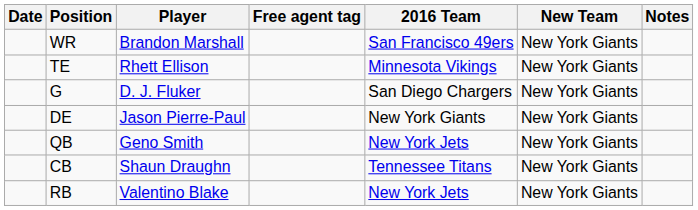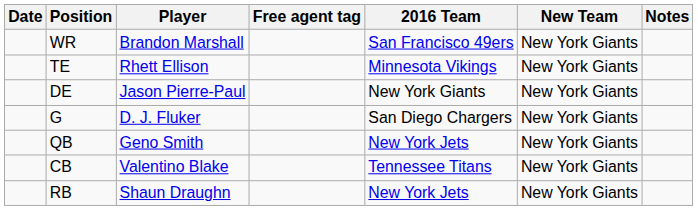 <table class="wikitable sortable" style="font-size: 100%">
 <tr>
 <th>Date</th>
 <th>Position</th>
 <th>Player</th>
 <th>Free agent tag</th>
 <th>2016 Team</th>
 <th>New Team</th>
 <th>Notes</th>
 </tr>
 <tr>
 <td></td>
 <td>WR</td>
 <td><a href='#'>Brandon Marshall</a></td>
 <td></td>
 <td><a href='#'>San Francisco 49ers</a></td>
 <td>New York Giants</td>
 <td></td>
 </tr>
 <tr>
 <td></td>
 <td>TE</td>
 <td><a href='#'>Rhett Ellison</a></td>
 <td></td>
 <td><a href='#'>Minnesota Vikings</a></td>
 <td>New York Giants</td>
 <td></td>
 </tr>
 <tr>
 <td></td>
-<td>G</td>
-<td><a href='#'>D. J. Fluker</a></td>
+<td>DE</td>
+<td><a href='#'>Jason Pierre-Paul</a></td>
 <td></td>
-<td>San Diego Chargers</td>
+<td>New York Giants</td>
 <td>New York Giants</td>
 <td></td>
 </tr>
 <tr>
 <td></td>
-<td>DE</td>
-<td><a href='#'>Jason Pierre-Paul</a></td>
+<td>G</td>
+<td><a href='#'>D. J. Fluker</a></td>
 <td></td>
-<td>New York Giants</td>
+<td>San Diego Chargers</td>
 <td>New York Giants</td>
 <td></td>
 </tr>
 <tr>
 <td></td>
 <td>QB</td>
 <td><a href='#'>Geno Smith</a></td>
 <td></td>
 <td><a href='#'>New York Jets</a></td>
 <td>New York Giants</td>
 <td></td>
 </tr>
 <tr>
 <td></td>
 <td>CB</td>
-<td><a href='#'>Shaun Draughn</a></td>
+<td><a href='#'>Valentino Blake</a></td>
 <td></td>
 <td><a href='#'>Tennessee Titans</a></td>
 <td>New York Giants</td>
 <td></td>
 </tr>
 <tr>
 <td></td>
 <td>RB</td>
-<td><a href='#'>Valentino Blake</a></td>
+<td><a href='#'>Shaun Draughn</a></td>
 <td></td>
 <td><a href='#'>New York Jets</a></td>
 <td>New York Giants</td>
 <td></td>
 </tr>
 </table>
